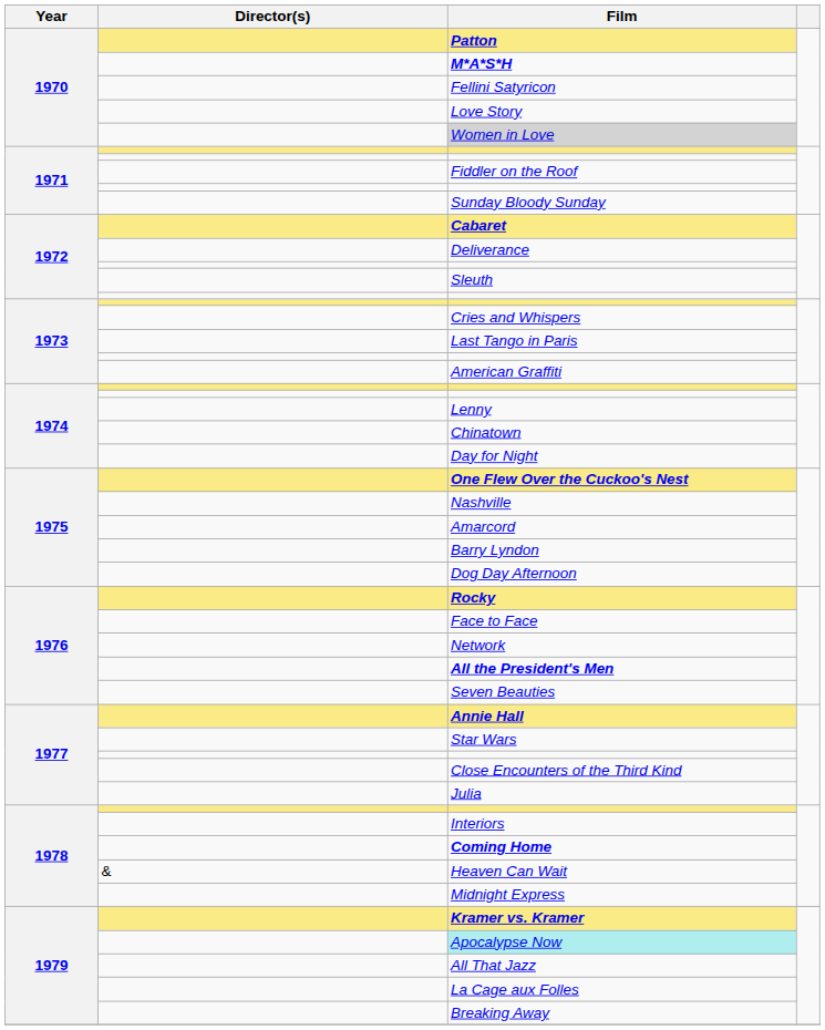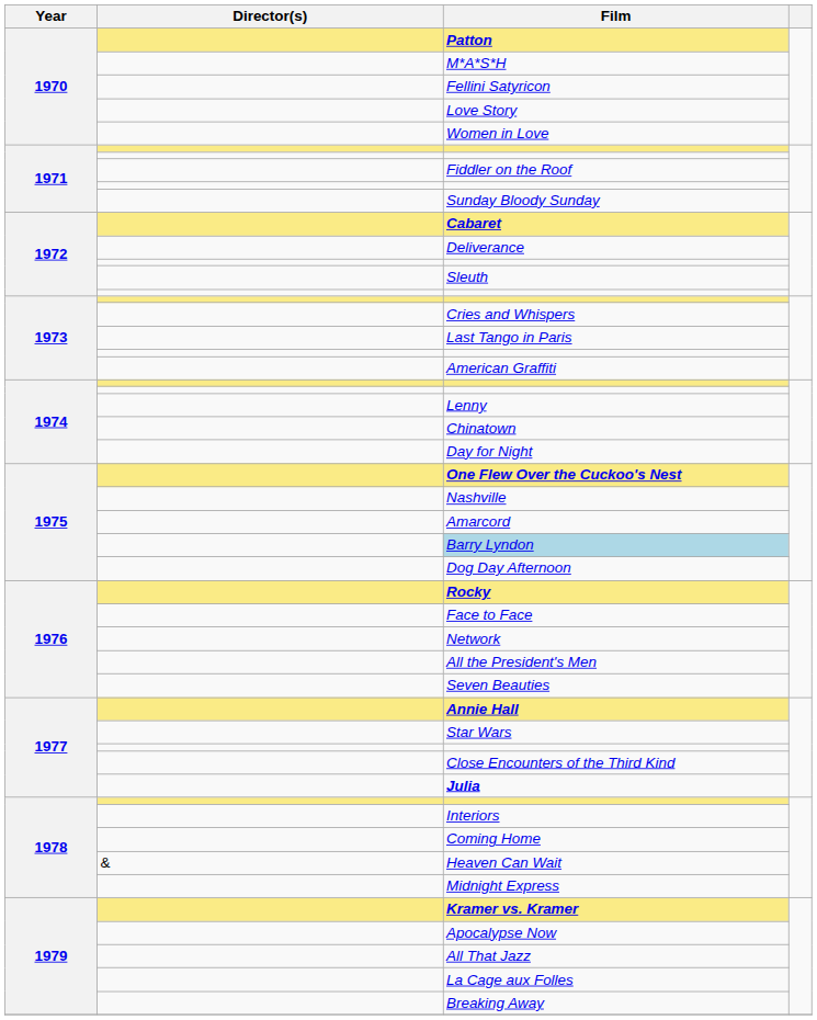 <table class="wikitable sortable">
 <tr>
 <th scope="col" style="width:8%;">Year</th>
 <th scope="col" style="width:30%;">Director(s)</th>
 <th scope="col" style="width:30%;">Film</th>
 <th scope="col" style="width:2%;"></th>
 </tr>
 <tr>
 <th scope="row" rowspan=5 style="text-align:center;"><a href='#'>1970</a><br></th>
 <td style="background:#FAEB86;"><strong></strong></td>
 <td style="background:#FAEB86;"><strong><em><a href='#'>Patton</a></em></strong></td>
 <td rowspan="5"></td>
 </tr>
 <tr>
 <td></td>
-<td><strong><em><a href='#'>M*A*S*H</a></em></strong></td>
+<td><em><a href='#'>M*A*S*H</a></em></td>
 </tr>
 <tr>
 <td></td>
 <td><em><a href='#'>Fellini Satyricon</a></em></td>
 </tr>
 <tr>
 <td></td>
 <td><em><a href='#'>Love Story</a></em></td>
 </tr>
 <tr>
 <td></td>
-<td style="background: lightgrey;"><em><a href='#'>Women in Love</a></em></td>
+<td><em><a href='#'>Women in Love</a></em></td>
 </tr>
 <tr>
 <th scope="row" rowspan=5 style="text-align:center;"><a href='#'>1971</a><br></th>
 <td style="background:#FAEB86;"><strong></strong></td>
 <td style="background:#FAEB86;"><strong></strong></td>
 <td rowspan="5"></td>
 </tr>
 <tr>
 <td></td>
 <td></td>
 </tr>
 <tr>
 <td></td>
 <td><em><a href='#'>Fiddler on the Roof</a></em></td>
 </tr>
 <tr>
 <td></td>
 <td></td>
 </tr>
 <tr>
 <td></td>
 <td><em><a href='#'>Sunday Bloody Sunday</a></em></td>
 </tr>
 <tr>
 <th scope="row" rowspan=5 style="text-align:center;"><a href='#'>1972</a><br></th>
 <td style="background:#FAEB86;"><strong></strong></td>
 <td style="background:#FAEB86;"><strong><em><a href='#'>Cabaret</a></em></strong></td>
 <td rowspan="5"></td>
 </tr>
 <tr>
 <td></td>
 <td><em><a href='#'>Deliverance</a></em></td>
 </tr>
 <tr>
 <td></td>
 <td></td>
 </tr>
 <tr>
 <td></td>
 <td><em><a href='#'>Sleuth</a></em></td>
 </tr>
 <tr>
 <td></td>
 <td></td>
 </tr>
 <tr>
 <th scope="row" rowspan=5 style="text-align:center;"><a href='#'>1973</a><br></th>
 <td style="background:#FAEB86;"><strong></strong></td>
 <td style="background:#FAEB86;"><strong></strong></td>
 <td rowspan="5"></td>
 </tr>
 <tr>
 <td></td>
 <td><em><a href='#'>Cries and Whispers</a></em></td>
 </tr>
 <tr>
 <td></td>
 <td><em><a href='#'>Last Tango in Paris</a></em></td>
 </tr>
 <tr>
 <td></td>
 <td></td>
 </tr>
 <tr>
 <td></td>
 <td><em><a href='#'>American Graffiti</a></em></td>
 </tr>
 <tr>
 <th scope="row" rowspan=5 style="text-align:center;"><a href='#'>1974</a><br></th>
 <td style="background:#FAEB86;"><strong></strong></td>
 <td style="background:#FAEB86;"><strong></strong></td>
 <td rowspan="5"></td>
 </tr>
 <tr>
 <td></td>
 <td></td>
 </tr>
 <tr>
 <td></td>
 <td><em><a href='#'>Lenny</a></em></td>
 </tr>
 <tr>
 <td></td>
 <td><em><a href='#'>Chinatown</a></em></td>
 </tr>
 <tr>
 <td></td>
 <td><em><a href='#'>Day for Night</a></em></td>
 </tr>
 <tr>
 <th scope="row" rowspan=5 style="text-align:center;"><a href='#'>1975</a><br></th>
 <td style="background:#FAEB86;"><strong></strong></td>
 <td style="background:#FAEB86;"><strong><em><a href='#'>One Flew Over the Cuckoo's Nest</a></em></strong></td>
 <td rowspan="5"></td>
 </tr>
 <tr>
 <td></td>
 <td><em><a href='#'>Nashville</a></em></td>
 </tr>
 <tr>
 <td></td>
 <td><em><a href='#'>Amarcord</a></em></td>
 </tr>
 <tr>
 <td></td>
-<td><em><a href='#'>Barry Lyndon</a></em></td>
+<td style="background: lightblue;"><em><a href='#'>Barry Lyndon</a></em></td>
 </tr>
 <tr>
 <td></td>
 <td><em><a href='#'>Dog Day Afternoon</a></em></td>
 </tr>
 <tr>
 <th scope="row" rowspan=5 style="text-align:center;"><a href='#'>1976</a><br></th>
 <td style="background:#FAEB86;"><strong></strong></td>
 <td style="background:#FAEB86;"><strong><em><a href='#'>Rocky</a></em></strong></td>
 <td rowspan="5"></td>
 </tr>
 <tr>
 <td></td>
 <td><em><a href='#'>Face to Face</a></em></td>
 </tr>
 <tr>
 <td></td>
 <td><em><a href='#'>Network</a></em></td>
 </tr>
 <tr>
 <td></td>
-<td><strong><em><a href='#'>All the President's Men</a></em></strong></td>
+<td><em><a href='#'>All the President's Men</a></em></td>
 </tr>
 <tr>
 <td></td>
 <td><em><a href='#'>Seven Beauties</a></em></td>
 </tr>
 <tr>
 <th scope="row" rowspan=5 style="text-align:center;"><a href='#'>1977</a><br></th>
 <td style="background:#FAEB86;"><strong></strong></td>
 <td style="background:#FAEB86;"><strong><em><a href='#'>Annie Hall</a></em></strong></td>
 <td rowspan="5"></td>
 </tr>
 <tr>
 <td></td>
 <td><em><a href='#'>Star Wars</a></em></td>
 </tr>
 <tr>
 <td></td>
 <td></td>
 </tr>
 <tr>
 <td></td>
 <td><em><a href='#'>Close Encounters of the Third Kind</a></em></td>
 </tr>
 <tr>
 <td></td>
-<td><em><a href='#'>Julia</a></em></td>
+<td><strong><em><a href='#'>Julia</a></em></strong></td>
 </tr>
 <tr>
 <th scope="row" rowspan=5 style="text-align:center;"><a href='#'>1978</a><br></th>
 <td style="background:#FAEB86;"><strong></strong></td>
 <td style="background:#FAEB86;"><strong></strong></td>
 <td rowspan="5"></td>
 </tr>
 <tr>
 <td></td>
 <td><em><a href='#'>Interiors</a></em></td>
 </tr>
 <tr>
 <td></td>
-<td><strong><em><a href='#'>Coming Home</a></em></strong></td>
+<td><em><a href='#'>Coming Home</a></em></td>
 </tr>
 <tr>
 <td> & </td>
 <td><em><a href='#'>Heaven Can Wait</a></em></td>
 </tr>
 <tr>
 <td></td>
 <td><em><a href='#'>Midnight Express</a></em></td>
 </tr>
 <tr>
 <th scope="row" rowspan=5 style="text-align:center;"><a href='#'>1979</a><br></th>
 <td style="background:#FAEB86;"><strong></strong></td>
 <td style="background:#FAEB86;"><strong><em><a href='#'>Kramer vs. Kramer</a></em></strong></td>
 <td rowspan="5"></td>
 </tr>
 <tr>
 <td></td>
-<td style="background: paleturquoise;"><em><a href='#'>Apocalypse Now</a></em></td>
+<td><em><a href='#'>Apocalypse Now</a></em></td>
 </tr>
 <tr>
 <td></td>
 <td><em><a href='#'>All That Jazz</a></em></td>
 </tr>
 <tr>
 <td></td>
 <td><em><a href='#'>La Cage aux Folles</a></em></td>
 </tr>
 <tr>
 <td></td>
 <td><em><a href='#'>Breaking Away</a></em></td>
 </tr>
 <tr>
 </tr>
 </table>
